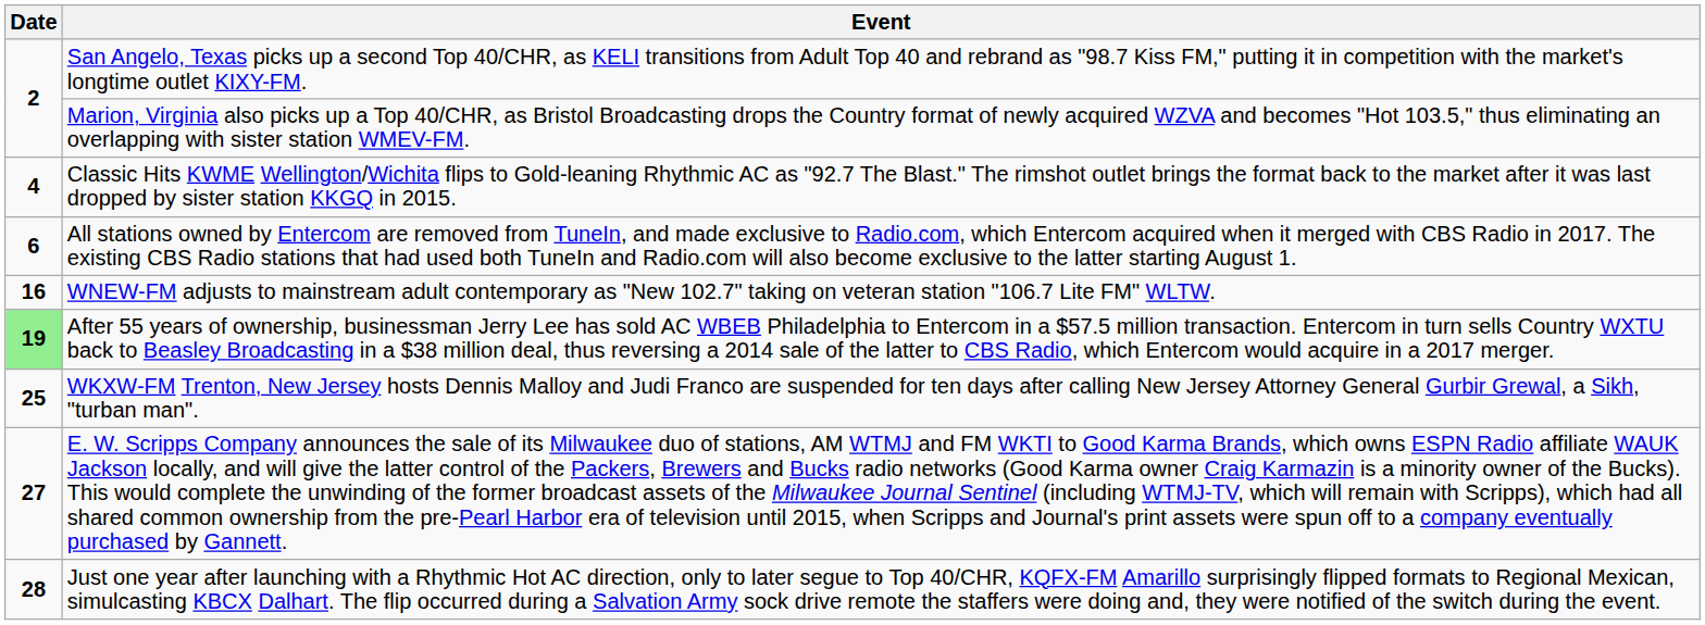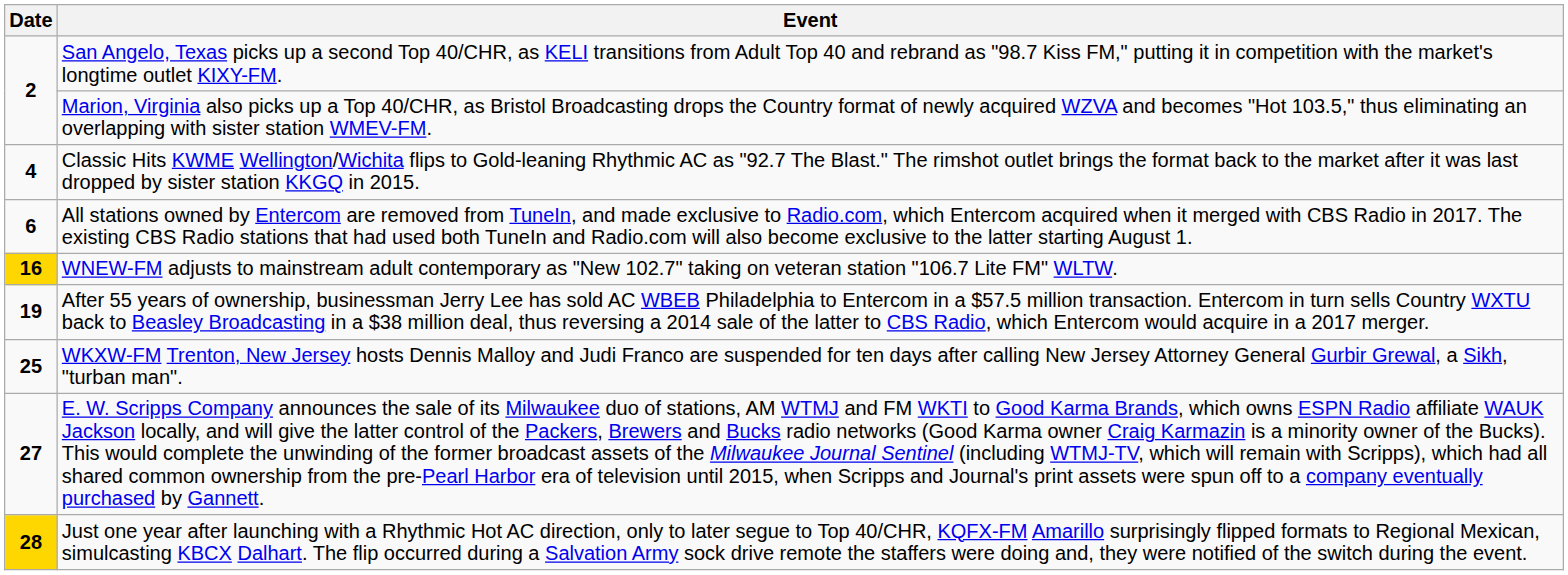 <table class="wikitable">
 <tr>
 <th>Date</th>
 <th>Event</th>
 </tr>
 <tr>
 <td style="text-align:center;" rowspan=2><strong>2</strong></td>
 <td><a href='#'>San Angelo, Texas</a> picks up a second Top 40/CHR, as <a href='#'>KELI</a> transitions from Adult Top 40 and rebrand as "98.7 Kiss FM," putting it in competition with the market's longtime outlet <a href='#'>KIXY-FM</a>.</td>
 </tr>
 <tr>
 <td><a href='#'>Marion, Virginia</a> also picks up a Top 40/CHR, as Bristol Broadcasting drops the Country format of newly acquired <a href='#'>WZVA</a> and becomes "Hot 103.5," thus eliminating an overlapping with sister station <a href='#'>WMEV-FM</a>.</td>
 </tr>
 <tr>
 <td style="text-align:center;"><strong>4</strong></td>
 <td>Classic Hits <a href='#'>KWME</a> <a href='#'>Wellington</a>/<a href='#'>Wichita</a> flips to Gold-leaning Rhythmic AC as "92.7 The Blast." The rimshot outlet brings the format back to the market after it was last dropped by sister station <a href='#'>KKGQ</a> in 2015.</td>
 </tr>
 <tr>
 <td style="text-align:center;"><strong>6</strong></td>
 <td>All stations owned by <a href='#'>Entercom</a> are removed from <a href='#'>TuneIn</a>, and made exclusive to <a href='#'>Radio.com</a>, which Entercom acquired when it merged with CBS Radio in 2017. The existing CBS Radio stations that had used both TuneIn and Radio.com will also become exclusive to the latter starting August 1.</td>
 </tr>
 <tr>
-<td style="text-align:center;"><strong>16</strong></td>
+<td style="background: gold; text-align:center;"><strong>16</strong></td>
 <td><a href='#'>WNEW-FM</a> adjusts to mainstream adult contemporary as "New 102.7" taking on veteran station "106.7 Lite FM" <a href='#'>WLTW</a>.</td>
 </tr>
 <tr>
-<td style="background: lightgreen; text-align:center;"><strong>19</strong></td>
+<td style="text-align:center;"><strong>19</strong></td>
 <td>After 55 years of ownership, businessman Jerry Lee has sold AC <a href='#'>WBEB</a> Philadelphia to Entercom in a $57.5 million transaction. Entercom in turn sells Country <a href='#'>WXTU</a> back to <a href='#'>Beasley Broadcasting</a> in a $38 million deal, thus reversing a 2014 sale of the latter to <a href='#'>CBS Radio</a>, which Entercom would acquire in a 2017 merger.</td>
 </tr>
 <tr>
 <td style="text-align:center;"><strong>25</strong></td>
 <td><a href='#'>WKXW-FM</a> <a href='#'>Trenton, New Jersey</a> hosts Dennis Malloy and Judi Franco are suspended for ten days after calling New Jersey Attorney General <a href='#'>Gurbir Grewal</a>, a <a href='#'>Sikh</a>, "turban man".</td>
 </tr>
 <tr>
 <td style="text-align:center;"><strong>27</strong></td>
 <td><a href='#'>E. W. Scripps Company</a> announces the sale of its <a href='#'>Milwaukee</a> duo of stations, AM <a href='#'>WTMJ</a> and FM <a href='#'>WKTI</a> to <a href='#'>Good Karma Brands</a>, which owns <a href='#'>ESPN Radio</a> affiliate <a href='#'>WAUK</a> <a href='#'>Jackson</a> locally, and will give the latter control of the <a href='#'>Packers</a>, <a href='#'>Brewers</a> and <a href='#'>Bucks</a> radio networks (Good Karma owner <a href='#'>Craig Karmazin</a> is a minority owner of the Bucks). This would complete the unwinding of the former broadcast assets of the <em><a href='#'>Milwaukee Journal Sentinel</a></em> (including <a href='#'>WTMJ-TV</a>, which will remain with Scripps), which had all shared common ownership from the pre-<a href='#'>Pearl Harbor</a> era of television until 2015, when Scripps and Journal's print assets were spun off to a <a href='#'>company eventually purchased</a> by <a href='#'>Gannett</a>.</td>
 </tr>
 <tr>
-<td style="text-align:center;"><strong>28</strong></td>
+<td style="background: gold; text-align:center;"><strong>28</strong></td>
 <td>Just one year after launching with a Rhythmic Hot AC direction, only to later segue to Top 40/CHR, <a href='#'>KQFX-FM</a> <a href='#'>Amarillo</a> surprisingly flipped formats to Regional Mexican, simulcasting <a href='#'>KBCX</a> <a href='#'>Dalhart</a>. The flip occurred during a <a href='#'>Salvation Army</a> sock drive remote the staffers were doing and, they were notified of the switch during the event.</td>
 </tr>
 </table>
